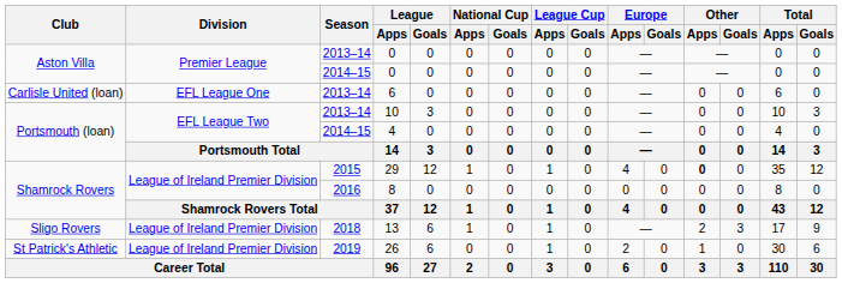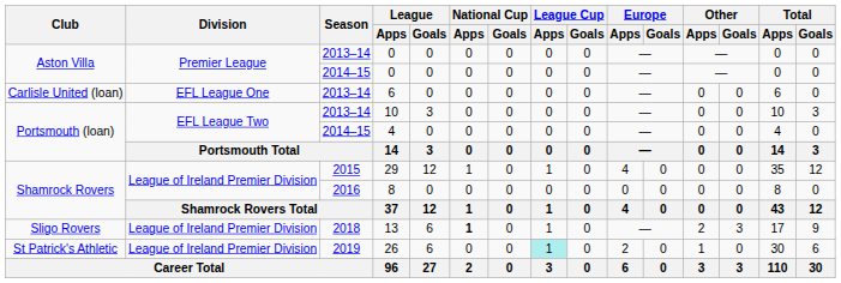 <table class="wikitable" style="text-align:center">
 <tr>
 <th rowspan="2">Club</th>
 <th rowspan="2">Division</th>
 <th rowspan="2">Season</th>
 <th colspan="2">League</th>
 <th colspan="2">National Cup</th>
 <th colspan="2"><a href='#'>League Cup</a></th>
 <th colspan="2"><a href='#'>Europe</a></th>
 <th colspan="2">Other</th>
 <th colspan="2">Total</th>
 </tr>
 <tr>
 <th>Apps</th>
 <th>Goals</th>
 <th>Apps</th>
 <th>Goals</th>
 <th>Apps</th>
 <th>Goals</th>
 <th>Apps</th>
 <th>Goals</th>
 <th>Apps</th>
 <th>Goals</th>
 <th>Apps</th>
 <th>Goals</th>
 </tr>
 <tr>
 <td rowspan="2"><a href='#'>Aston Villa</a></td>
 <td rowspan="2"><a href='#'>Premier League</a></td>
 <td><a href='#'>2013–14</a></td>
 <td>0</td>
 <td>0</td>
 <td>0</td>
 <td>0</td>
 <td>0</td>
 <td>0</td>
 <td colspan="2">—</td>
 <td colspan="2">—</td>
 <td>0</td>
 <td>0</td>
 </tr>
 <tr>
 <td><a href='#'>2014–15</a></td>
 <td>0</td>
 <td>0</td>
 <td>0</td>
 <td>0</td>
 <td>0</td>
 <td>0</td>
 <td colspan="2">—</td>
 <td colspan="2">—</td>
 <td>0</td>
 <td>0</td>
 </tr>
 <tr>
 <td><a href='#'>Carlisle United</a> (loan)</td>
 <td><a href='#'>EFL League One</a></td>
 <td><a href='#'>2013–14</a></td>
 <td>6</td>
 <td>0</td>
 <td>0</td>
 <td>0</td>
 <td>0</td>
 <td>0</td>
 <td colspan="2">—</td>
 <td>0</td>
 <td>0</td>
 <td>6</td>
 <td>0</td>
 </tr>
 <tr>
 <td rowspan="3"><a href='#'>Portsmouth</a> (loan)</td>
 <td rowspan="2"><a href='#'>EFL League Two</a></td>
 <td><a href='#'>2013–14</a></td>
 <td>10</td>
 <td>3</td>
 <td>0</td>
 <td>0</td>
 <td>0</td>
 <td>0</td>
 <td colspan="2">—</td>
 <td>0</td>
 <td>0</td>
 <td>10</td>
 <td>3</td>
 </tr>
 <tr>
 <td><a href='#'>2014–15</a></td>
 <td>4</td>
 <td>0</td>
 <td>0</td>
 <td>0</td>
 <td>0</td>
 <td>0</td>
 <td colspan="2">—</td>
 <td>0</td>
 <td>0</td>
 <td>4</td>
 <td>0</td>
 </tr>
 <tr>
 <th colspan="2">Portsmouth Total</th>
 <th>14</th>
 <th>3</th>
 <th>0</th>
 <th>0</th>
 <th>0</th>
 <th>0</th>
 <th colspan="2">—</th>
 <th>0</th>
 <th>0</th>
 <th>14</th>
 <th>3</th>
 </tr>
 <tr>
 <td rowspan="3"><a href='#'>Shamrock Rovers</a></td>
 <td rowspan="2"><a href='#'>League of Ireland Premier Division</a></td>
 <td><a href='#'>2015</a></td>
 <td>29</td>
 <td>12</td>
 <td>1</td>
 <td>0</td>
 <td>1</td>
 <td>0</td>
 <td>4</td>
 <td>0</td>
-<td><strong>0</strong></td>
+<td>0</td>
 <td>0</td>
 <td>35</td>
 <td>12</td>
 </tr>
 <tr>
 <td><a href='#'>2016</a></td>
 <td>8</td>
 <td>0</td>
 <td>0</td>
 <td>0</td>
 <td>0</td>
 <td>0</td>
 <td>0</td>
 <td>0</td>
 <td>0</td>
 <td>0</td>
 <td>8</td>
 <td>0</td>
 </tr>
 <tr>
 <th colspan="2">Shamrock Rovers Total</th>
 <th>37</th>
 <th>12</th>
 <th>1</th>
 <th>0</th>
 <th>1</th>
 <th>0</th>
 <th>4</th>
 <th>0</th>
 <th>0</th>
 <th>0</th>
 <th>43</th>
 <th>12</th>
 </tr>
 <tr>
 <td><a href='#'>Sligo Rovers</a></td>
 <td><a href='#'>League of Ireland Premier Division</a></td>
 <td><a href='#'>2018</a></td>
 <td>13</td>
 <td>6</td>
-<td>1</td>
+<td><strong>1</strong></td>
 <td>0</td>
 <td>1</td>
 <td>0</td>
 <td colspan="2">—</td>
 <td>2</td>
 <td>3</td>
 <td>17</td>
 <td>9</td>
 </tr>
 <tr>
 <td><a href='#'>St Patrick's Athletic</a></td>
 <td><a href='#'>League of Ireland Premier Division</a></td>
 <td><a href='#'>2019</a></td>
 <td>26</td>
 <td>6</td>
 <td>0</td>
 <td>0</td>
-<td>1</td>
+<td style="background: paleturquoise;">1</td>
 <td>0</td>
 <td>2</td>
 <td>0</td>
 <td>1</td>
 <td>0</td>
 <td>30</td>
 <td>6</td>
 </tr>
 <tr>
 <th colspan="3">Career Total</th>
 <th>96</th>
 <th>27</th>
 <th>2</th>
 <th>0</th>
 <th>3</th>
 <th>0</th>
 <th>6</th>
 <th>0</th>
 <th>3</th>
 <th>3</th>
 <th>110</th>
 <th>30</th>
 </tr>
 </table>
